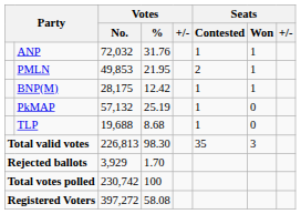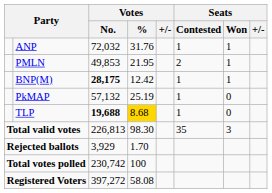 <table class="wikitable sortable">
 <tr>
 <th colspan="2" rowspan="2">Party</th>
 <th colspan="3">Votes</th>
 <th colspan="3">Seats</th>
 </tr>
 <tr>
 <th>No.</th>
 <th>%</th>
 <th>+/-</th>
 <th>Contested</th>
 <th>Won</th>
 <th><strong>+/-</strong></th>
 </tr>
 <tr>
 <td></td>
 <td><a href='#'>ANP</a></td>
 <td>72,032</td>
 <td>31.76</td>
 <td></td>
 <td>1</td>
 <td>1</td>
 <td></td>
 </tr>
 <tr>
 <td></td>
 <td><a href='#'>PMLN</a></td>
 <td>49,853</td>
 <td>21.95</td>
 <td></td>
 <td>2</td>
 <td>1</td>
 <td></td>
 </tr>
 <tr>
 <td></td>
 <td><a href='#'>BNP(M)</a></td>
-<td>28,175</td>
+<td><strong>28,175</strong></td>
 <td>12.42</td>
 <td></td>
 <td>1</td>
 <td>1</td>
 <td></td>
 </tr>
 <tr>
 <td></td>
 <td><a href='#'>PkMAP</a></td>
 <td>57,132</td>
 <td>25.19</td>
 <td></td>
 <td>1</td>
 <td>0</td>
 <td></td>
 </tr>
 <tr>
 <td></td>
 <td><a href='#'>TLP</a></td>
-<td>19,688</td>
-<td>8.68</td>
+<td><strong>19,688</strong></td>
+<td style="background: gold;">8.68</td>
 <td></td>
 <td>1</td>
 <td>0</td>
 <td></td>
 </tr>
 <tr>
 <td colspan="2"><strong>Total valid votes</strong></td>
 <td>226,813</td>
 <td>98.30</td>
 <td></td>
 <td>35</td>
 <td>3</td>
 <td></td>
 </tr>
 <tr>
 <td colspan="2"><strong>Rejected ballots</strong></td>
 <td>3,929</td>
 <td>1.70</td>
 <td></td>
 <td></td>
 <td></td>
 <td></td>
 </tr>
 <tr>
 <td colspan="2"><strong>Total votes polled</strong></td>
 <td>230,742</td>
 <td>100</td>
 <td></td>
 <td></td>
 <td></td>
 <td></td>
 </tr>
 <tr>
 <td colspan="2"><strong>Registered Voters</strong></td>
 <td>397,272</td>
 <td>58.08</td>
 <td></td>
 <td></td>
 <td></td>
 <td></td>
 </tr>
 </table>
